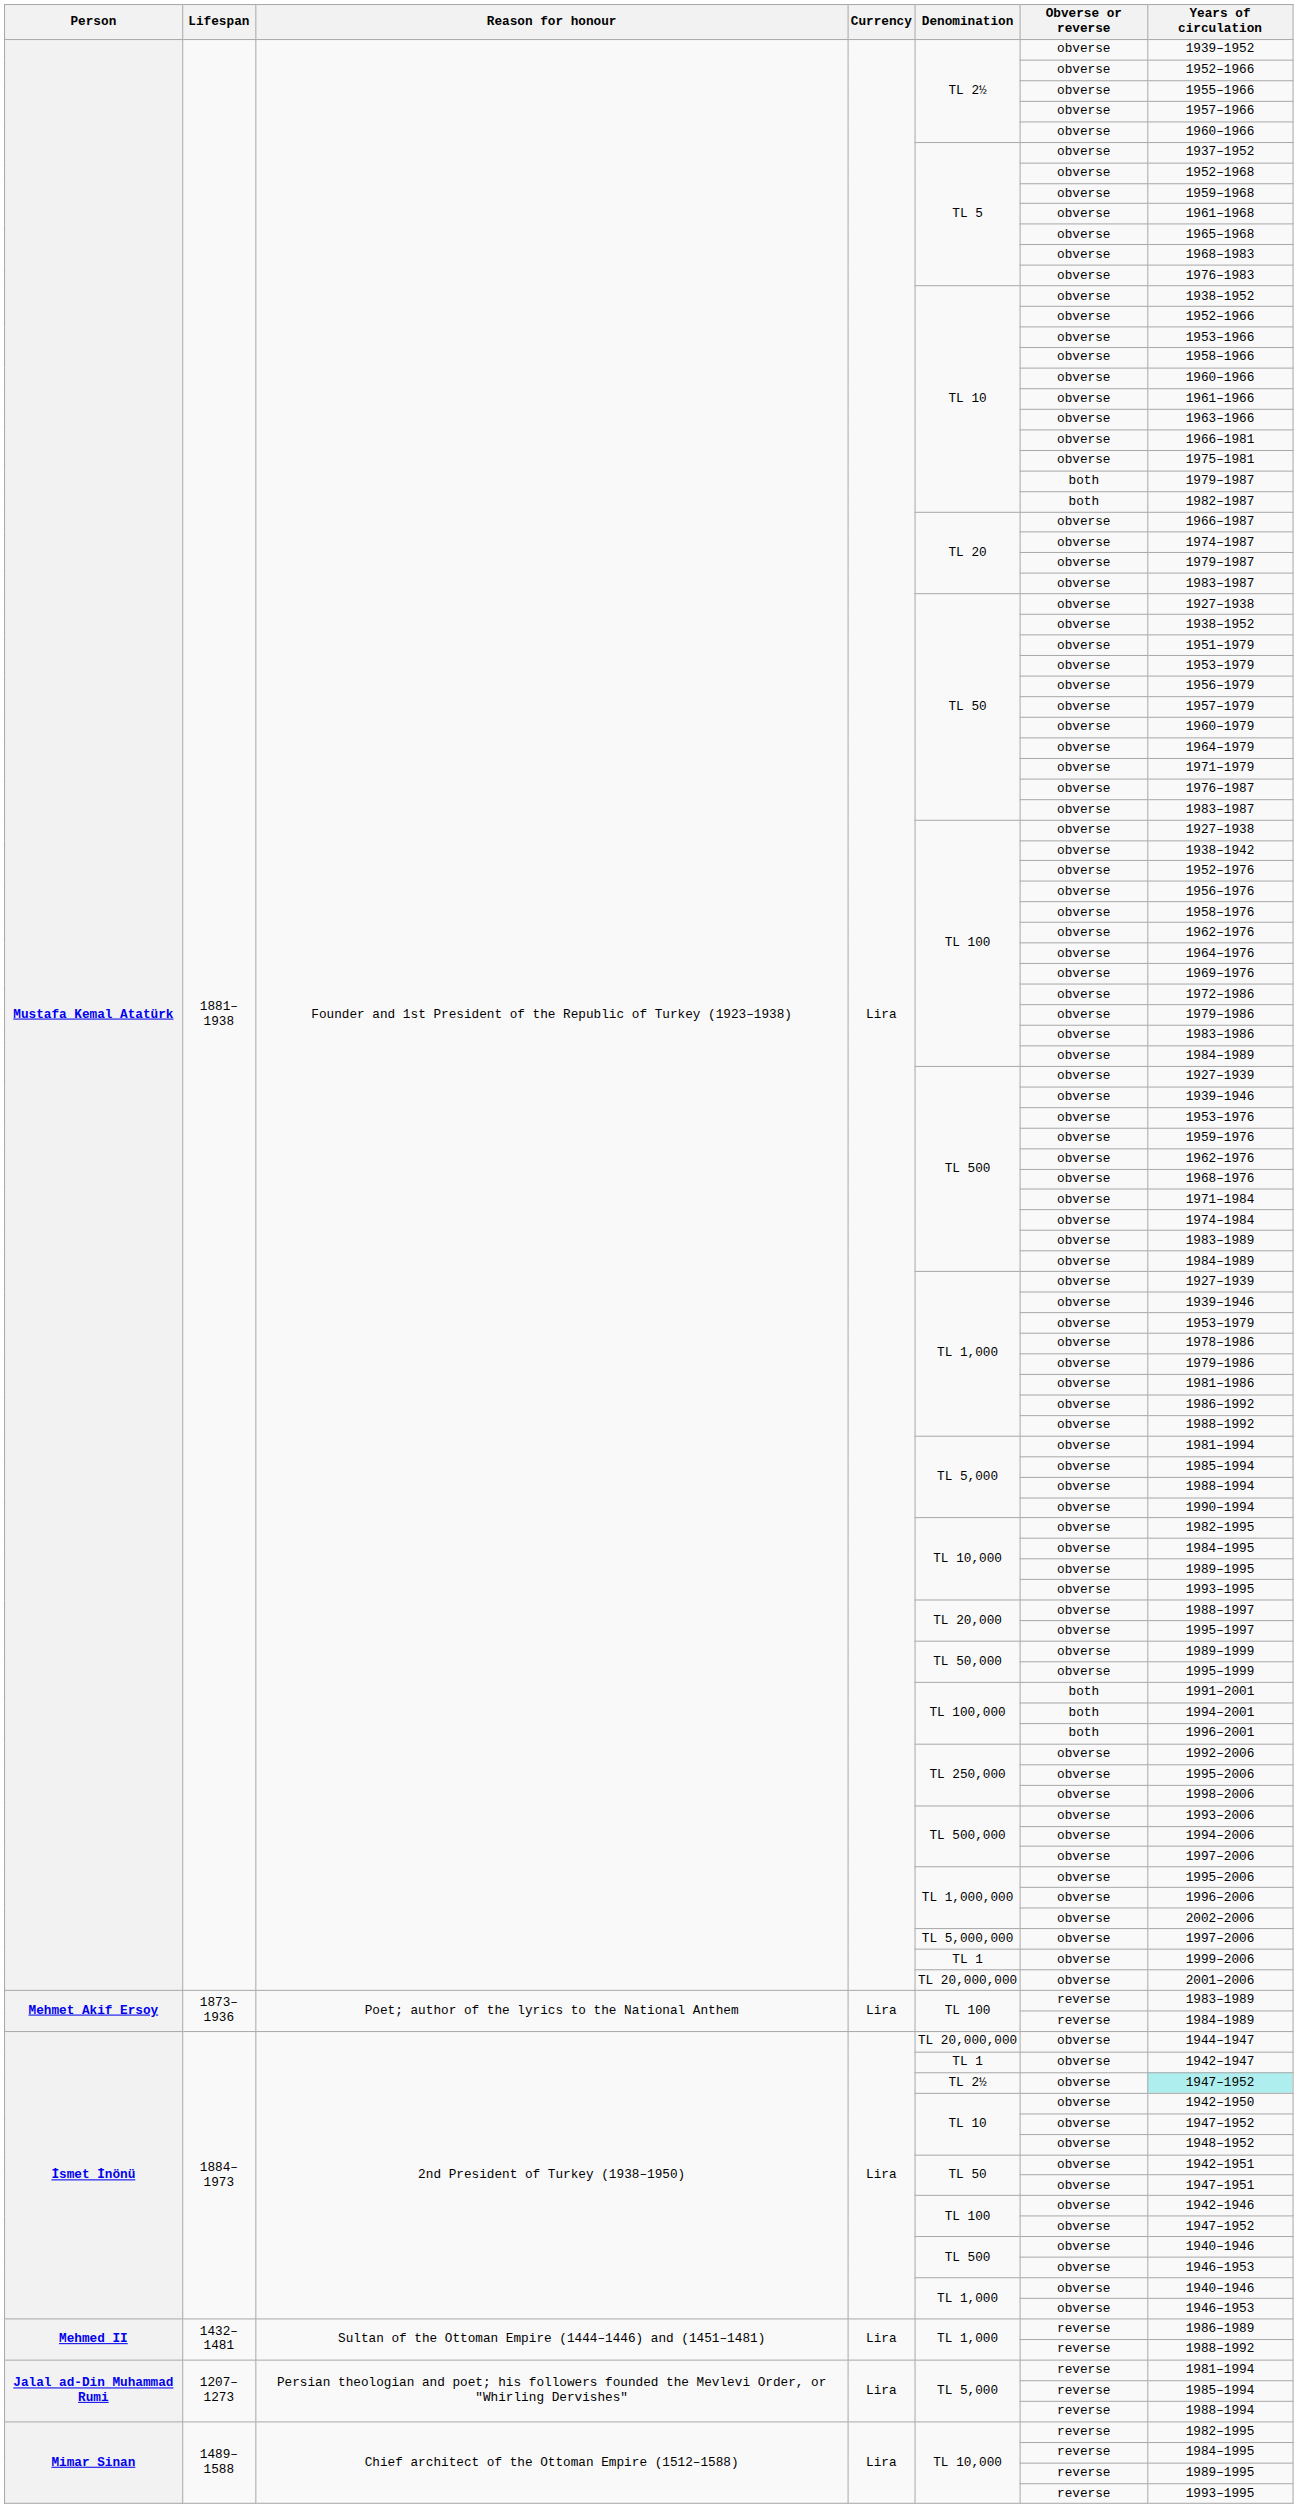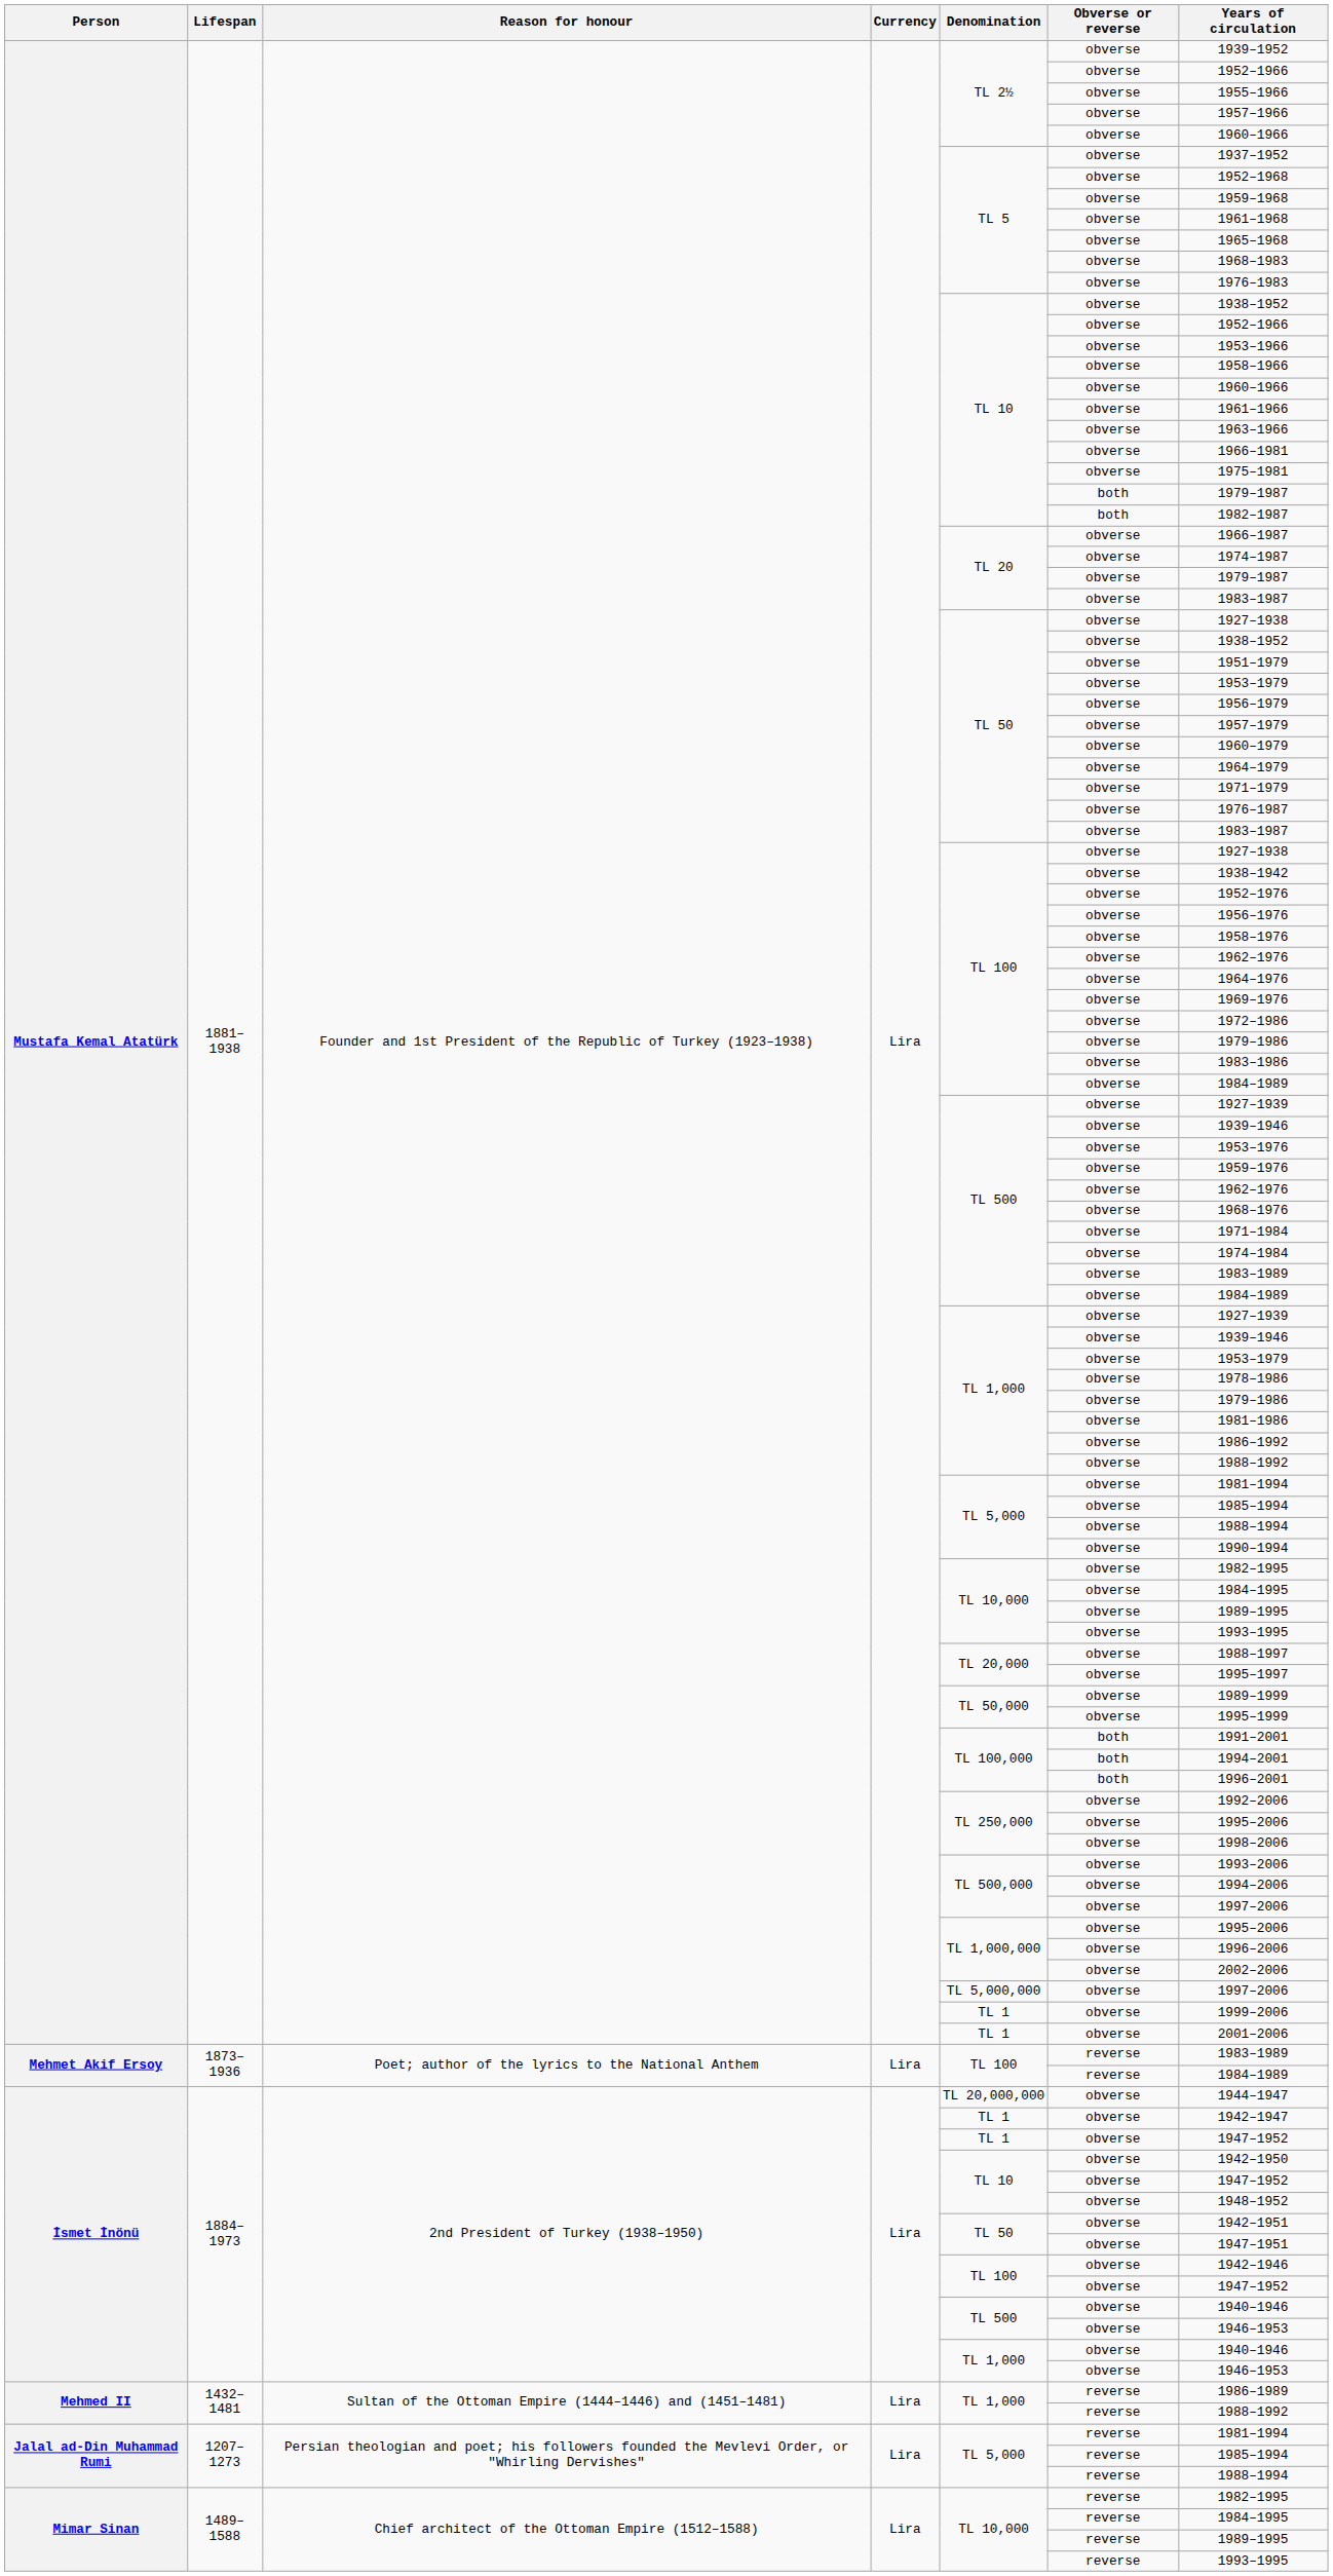 <table class="wikitable" style="font-size:95%; text-align:center;">
 <tr>
 <th>Person</th>
 <th>Lifespan</th>
 <th>Reason for honour</th>
 <th>Currency</th>
 <th>Denomination</th>
 <th>Obverse or reverse</th>
 <th>Years of circulation</th>
 </tr>
 <tr>
 <th rowspan="95"><a href='#'>Mustafa Kemal Atatürk</a></th>
 <td rowspan="95">1881–1938</td>
 <td rowspan="95">Founder and 1st President of the Republic of Turkey (1923–1938)</td>
 <td rowspan="95">Lira</td>
 <td rowspan="5">TL 2½</td>
 <td>obverse</td>
 <td>1939–1952</td>
 </tr>
 <tr>
 <td>obverse</td>
 <td>1952–1966</td>
 </tr>
 <tr>
 <td>obverse</td>
 <td>1955–1966</td>
 </tr>
 <tr>
 <td>obverse</td>
 <td>1957–1966</td>
 </tr>
 <tr>
 <td>obverse</td>
 <td>1960–1966</td>
 </tr>
 <tr>
 <td rowspan="7">TL 5</td>
 <td>obverse</td>
 <td>1937–1952</td>
 </tr>
 <tr>
 <td>obverse</td>
 <td>1952–1968</td>
 </tr>
 <tr>
 <td>obverse</td>
 <td>1959–1968</td>
 </tr>
 <tr>
 <td>obverse</td>
 <td>1961–1968</td>
 </tr>
 <tr>
 <td>obverse</td>
 <td>1965–1968</td>
 </tr>
 <tr>
 <td>obverse</td>
 <td>1968–1983</td>
 </tr>
 <tr>
 <td>obverse</td>
 <td>1976–1983</td>
 </tr>
 <tr>
 <td rowspan="11">TL 10</td>
 <td>obverse</td>
 <td>1938–1952</td>
 </tr>
 <tr>
 <td>obverse</td>
 <td>1952–1966</td>
 </tr>
 <tr>
 <td>obverse</td>
 <td>1953–1966</td>
 </tr>
 <tr>
 <td>obverse</td>
 <td>1958–1966</td>
 </tr>
 <tr>
 <td>obverse</td>
 <td>1960–1966</td>
 </tr>
 <tr>
 <td>obverse</td>
 <td>1961–1966</td>
 </tr>
 <tr>
 <td>obverse</td>
 <td>1963–1966</td>
 </tr>
 <tr>
 <td>obverse</td>
 <td>1966–1981</td>
 </tr>
 <tr>
 <td>obverse</td>
 <td>1975–1981</td>
 </tr>
 <tr>
 <td>both</td>
 <td>1979–1987</td>
 </tr>
 <tr>
 <td>both</td>
 <td>1982–1987</td>
 </tr>
 <tr>
 <td rowspan="4">TL 20</td>
 <td>obverse</td>
 <td>1966–1987</td>
 </tr>
 <tr>
 <td>obverse</td>
 <td>1974–1987</td>
 </tr>
 <tr>
 <td>obverse</td>
 <td>1979–1987</td>
 </tr>
 <tr>
 <td>obverse</td>
 <td>1983–1987</td>
 </tr>
 <tr>
 <td rowspan="11">TL 50</td>
 <td>obverse</td>
 <td>1927–1938</td>
 </tr>
 <tr>
 <td>obverse</td>
 <td>1938–1952</td>
 </tr>
 <tr>
 <td>obverse</td>
 <td>1951–1979</td>
 </tr>
 <tr>
 <td>obverse</td>
 <td>1953–1979</td>
 </tr>
 <tr>
 <td>obverse</td>
 <td>1956–1979</td>
 </tr>
 <tr>
 <td>obverse</td>
 <td>1957–1979</td>
 </tr>
 <tr>
 <td>obverse</td>
 <td>1960–1979</td>
 </tr>
 <tr>
 <td>obverse</td>
 <td>1964–1979</td>
 </tr>
 <tr>
 <td>obverse</td>
 <td>1971–1979</td>
 </tr>
 <tr>
 <td>obverse</td>
 <td>1976–1987</td>
 </tr>
 <tr>
 <td>obverse</td>
 <td>1983–1987</td>
 </tr>
 <tr>
 <td rowspan="12">TL 100</td>
 <td>obverse</td>
 <td>1927–1938</td>
 </tr>
 <tr>
 <td>obverse</td>
 <td>1938–1942</td>
 </tr>
 <tr>
 <td>obverse</td>
 <td>1952–1976</td>
 </tr>
 <tr>
 <td>obverse</td>
 <td>1956–1976</td>
 </tr>
 <tr>
 <td>obverse</td>
 <td>1958–1976</td>
 </tr>
 <tr>
 <td>obverse</td>
 <td>1962–1976</td>
 </tr>
 <tr>
 <td>obverse</td>
 <td>1964–1976</td>
 </tr>
 <tr>
 <td>obverse</td>
 <td>1969–1976</td>
 </tr>
 <tr>
 <td>obverse</td>
 <td>1972–1986</td>
 </tr>
 <tr>
 <td>obverse</td>
 <td>1979–1986</td>
 </tr>
 <tr>
 <td>obverse</td>
 <td>1983–1986</td>
 </tr>
 <tr>
 <td>obverse</td>
 <td>1984–1989</td>
 </tr>
 <tr>
 <td rowspan="10">TL 500</td>
 <td>obverse</td>
 <td>1927–1939</td>
 </tr>
 <tr>
 <td>obverse</td>
 <td>1939–1946</td>
 </tr>
 <tr>
 <td>obverse</td>
 <td>1953–1976</td>
 </tr>
 <tr>
 <td>obverse</td>
 <td>1959–1976</td>
 </tr>
 <tr>
 <td>obverse</td>
 <td>1962–1976</td>
 </tr>
 <tr>
 <td>obverse</td>
 <td>1968–1976</td>
 </tr>
 <tr>
 <td>obverse</td>
 <td>1971–1984</td>
 </tr>
 <tr>
 <td>obverse</td>
 <td>1974–1984</td>
 </tr>
 <tr>
 <td>obverse</td>
 <td>1983–1989</td>
 </tr>
 <tr>
 <td>obverse</td>
 <td>1984–1989</td>
 </tr>
 <tr>
 <td rowspan="8">TL 1,000</td>
 <td>obverse</td>
 <td>1927–1939</td>
 </tr>
 <tr>
 <td>obverse</td>
 <td>1939–1946</td>
 </tr>
 <tr>
 <td>obverse</td>
 <td>1953–1979</td>
 </tr>
 <tr>
 <td>obverse</td>
 <td>1978–1986</td>
 </tr>
 <tr>
 <td>obverse</td>
 <td>1979–1986</td>
 </tr>
 <tr>
 <td>obverse</td>
 <td>1981–1986</td>
 </tr>
 <tr>
 <td>obverse</td>
 <td>1986–1992</td>
 </tr>
 <tr>
 <td>obverse</td>
 <td>1988–1992</td>
 </tr>
 <tr>
 <td rowspan="4">TL 5,000</td>
 <td>obverse</td>
 <td>1981–1994</td>
 </tr>
 <tr>
 <td>obverse</td>
 <td>1985–1994</td>
 </tr>
 <tr>
 <td>obverse</td>
 <td>1988–1994</td>
 </tr>
 <tr>
 <td>obverse</td>
 <td>1990–1994</td>
 </tr>
 <tr>
 <td rowspan="4">TL 10,000</td>
 <td>obverse</td>
 <td>1982–1995</td>
 </tr>
 <tr>
 <td>obverse</td>
 <td>1984–1995</td>
 </tr>
 <tr>
 <td>obverse</td>
 <td>1989–1995</td>
 </tr>
 <tr>
 <td>obverse</td>
 <td>1993–1995</td>
 </tr>
 <tr>
 <td rowspan="2">TL 20,000</td>
 <td>obverse</td>
 <td>1988–1997</td>
 </tr>
 <tr>
 <td>obverse</td>
 <td>1995–1997</td>
 </tr>
 <tr>
 <td rowspan="2">TL 50,000</td>
 <td>obverse</td>
 <td>1989–1999</td>
 </tr>
 <tr>
 <td>obverse</td>
 <td>1995–1999</td>
 </tr>
 <tr>
 <td rowspan="3">TL 100,000</td>
 <td>both</td>
 <td>1991–2001</td>
 </tr>
 <tr>
 <td>both</td>
 <td>1994–2001</td>
 </tr>
 <tr>
 <td>both</td>
 <td>1996–2001</td>
 </tr>
 <tr>
 <td rowspan="3">TL 250,000</td>
 <td>obverse</td>
 <td>1992–2006</td>
 </tr>
 <tr>
 <td>obverse</td>
 <td>1995–2006</td>
 </tr>
 <tr>
 <td>obverse</td>
 <td>1998–2006</td>
 </tr>
 <tr>
 <td rowspan="3">TL 500,000</td>
 <td>obverse</td>
 <td>1993–2006</td>
 </tr>
 <tr>
 <td>obverse</td>
 <td>1994–2006</td>
 </tr>
 <tr>
 <td>obverse</td>
 <td>1997–2006</td>
 </tr>
 <tr>
 <td rowspan="3">TL 1,000,000</td>
 <td>obverse</td>
 <td>1995–2006</td>
 </tr>
 <tr>
 <td>obverse</td>
 <td>1996–2006</td>
 </tr>
 <tr>
 <td>obverse</td>
 <td>2002–2006</td>
 </tr>
 <tr>
 <td>TL 5,000,000</td>
 <td>obverse</td>
 <td>1997–2006</td>
 </tr>
 <tr>
 <td>TL 1</td>
 <td>obverse</td>
 <td>1999–2006</td>
 </tr>
 <tr>
-<td>TL 20,000,000</td>
+<td>TL 1</td>
 <td>obverse</td>
 <td>2001–2006</td>
 </tr>
 <tr>
 <th rowspan="2"><a href='#'>Mehmet Akif Ersoy</a></th>
 <td rowspan="2">1873–1936</td>
 <td rowspan="2">Poet; author of the lyrics to the National Anthem</td>
 <td rowspan="2">Lira</td>
 <td rowspan="2">TL 100</td>
 <td>reverse</td>
 <td>1983–1989</td>
 </tr>
 <tr>
 <td>reverse</td>
 <td>1984–1989</td>
 </tr>
 <tr>
 <th rowspan="14"><a href='#'>İsmet İnönü</a></th>
 <td rowspan="14">1884–1973</td>
 <td rowspan="14">2nd President of Turkey (1938–1950)</td>
 <td rowspan="14">Lira</td>
 <td>TL 20,000,000</td>
 <td>obverse</td>
 <td>1944–1947</td>
 </tr>
 <tr>
 <td>TL 1</td>
 <td>obverse</td>
 <td>1942–1947</td>
 </tr>
 <tr>
-<td>TL 2½</td>
+<td>TL 1</td>
 <td>obverse</td>
-<td style="background: paleturquoise;">1947–1952</td>
+<td>1947–1952</td>
 </tr>
 <tr>
 <td rowspan="3">TL 10</td>
 <td>obverse</td>
 <td>1942–1950</td>
 </tr>
 <tr>
 <td>obverse</td>
 <td>1947–1952</td>
 </tr>
 <tr>
 <td>obverse</td>
 <td>1948–1952</td>
 </tr>
 <tr>
 <td rowspan="2">TL 50</td>
 <td>obverse</td>
 <td>1942–1951</td>
 </tr>
 <tr>
 <td>obverse</td>
 <td>1947–1951</td>
 </tr>
 <tr>
 <td rowspan="2">TL 100</td>
 <td>obverse</td>
 <td>1942–1946</td>
 </tr>
 <tr>
 <td>obverse</td>
 <td>1947–1952</td>
 </tr>
 <tr>
 <td rowspan="2">TL 500</td>
 <td>obverse</td>
 <td>1940–1946</td>
 </tr>
 <tr>
 <td>obverse</td>
 <td>1946–1953</td>
 </tr>
 <tr>
 <td rowspan="2">TL 1,000</td>
 <td>obverse</td>
 <td>1940–1946</td>
 </tr>
 <tr>
 <td>obverse</td>
 <td>1946–1953</td>
 </tr>
 <tr>
 <th rowspan="2"><a href='#'>Mehmed II</a></th>
 <td rowspan="2">1432–1481</td>
 <td rowspan="2">Sultan of the Ottoman Empire (1444–1446) and (1451–1481)</td>
 <td rowspan="2">Lira</td>
 <td rowspan="2">TL 1,000</td>
 <td>reverse</td>
 <td>1986–1989</td>
 </tr>
 <tr>
 <td>reverse</td>
 <td>1988–1992</td>
 </tr>
 <tr>
 <th rowspan="3"><a href='#'>Jalal ad-Din Muhammad Rumi</a></th>
 <td rowspan="3">1207–1273</td>
 <td rowspan="3">Persian theologian and poet; his followers founded the Mevlevi Order, or "Whirling Dervishes"</td>
 <td rowspan="3">Lira</td>
 <td rowspan="3">TL 5,000</td>
 <td>reverse</td>
 <td>1981–1994</td>
 </tr>
 <tr>
 <td>reverse</td>
 <td>1985–1994</td>
 </tr>
 <tr>
 <td>reverse</td>
 <td>1988–1994</td>
 </tr>
 <tr>
 <th rowspan="4"><a href='#'>Mimar Sinan</a></th>
 <td rowspan="4">1489–1588</td>
 <td rowspan="4">Chief architect of the Ottoman Empire (1512–1588)</td>
 <td rowspan="4">Lira</td>
 <td rowspan="4">TL 10,000</td>
 <td>reverse</td>
 <td>1982–1995</td>
 </tr>
 <tr>
 <td>reverse</td>
 <td>1984–1995</td>
 </tr>
 <tr>
 <td>reverse</td>
 <td>1989–1995</td>
 </tr>
 <tr>
 <td>reverse</td>
 <td>1993–1995</td>
 </tr>
 </table>
